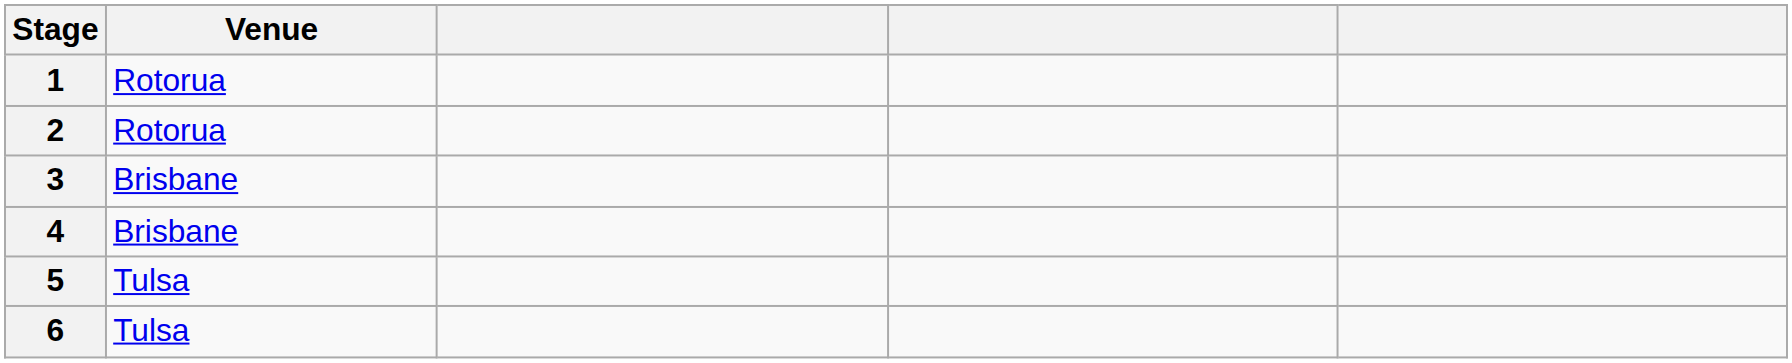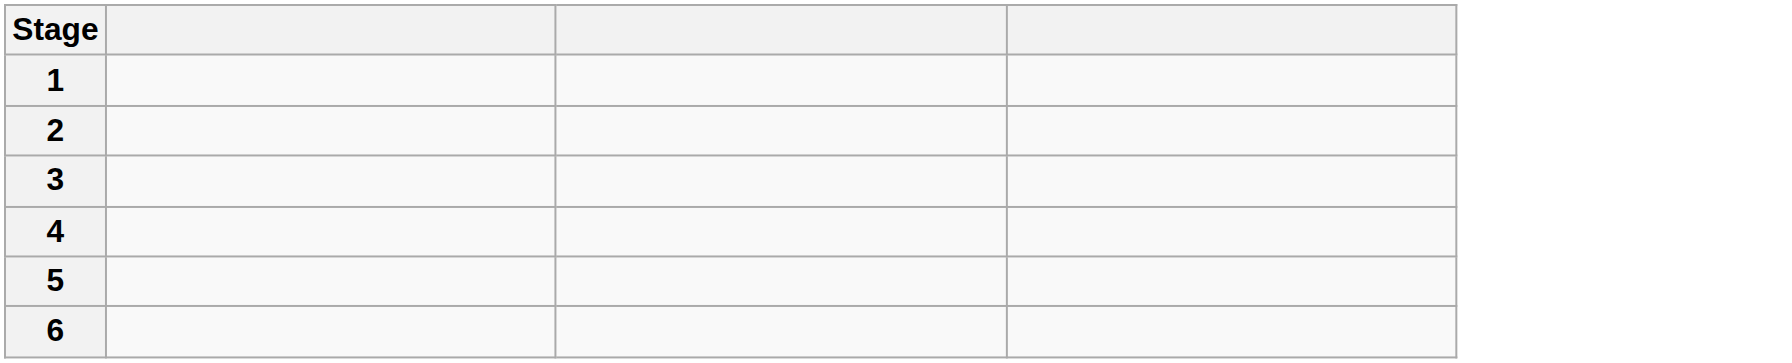 <table class="wikitable">
 <tr>
 <th>Stage</th>
-<th width=160>Venue</th>
 <th width=220></th>
 <th width=220></th>
 <th width=220></th>
 </tr>
 <tr>
 <th>1</th>
-<td> <a href='#'>Rotorua</a></td>
 <td></td>
 <td></td>
 <td></td>
 </tr>
 <tr>
 <th>2</th>
-<td> <a href='#'>Rotorua</a></td>
 <td></td>
 <td></td>
 <td></td>
 </tr>
 <tr>
 <th>3</th>
-<td> <a href='#'>Brisbane</a></td>
 <td></td>
 <td></td>
 <td></td>
 </tr>
 <tr>
 <th>4</th>
-<td> <a href='#'>Brisbane</a></td>
 <td></td>
 <td></td>
 <td></td>
 </tr>
 <tr>
 <th>5</th>
-<td> <a href='#'>Tulsa</a></td>
 <td></td>
 <td></td>
 <td></td>
 </tr>
 <tr>
 <th>6</th>
-<td> <a href='#'>Tulsa</a></td>
 <td></td>
 <td></td>
 <td></td>
 </tr>
 </table>
